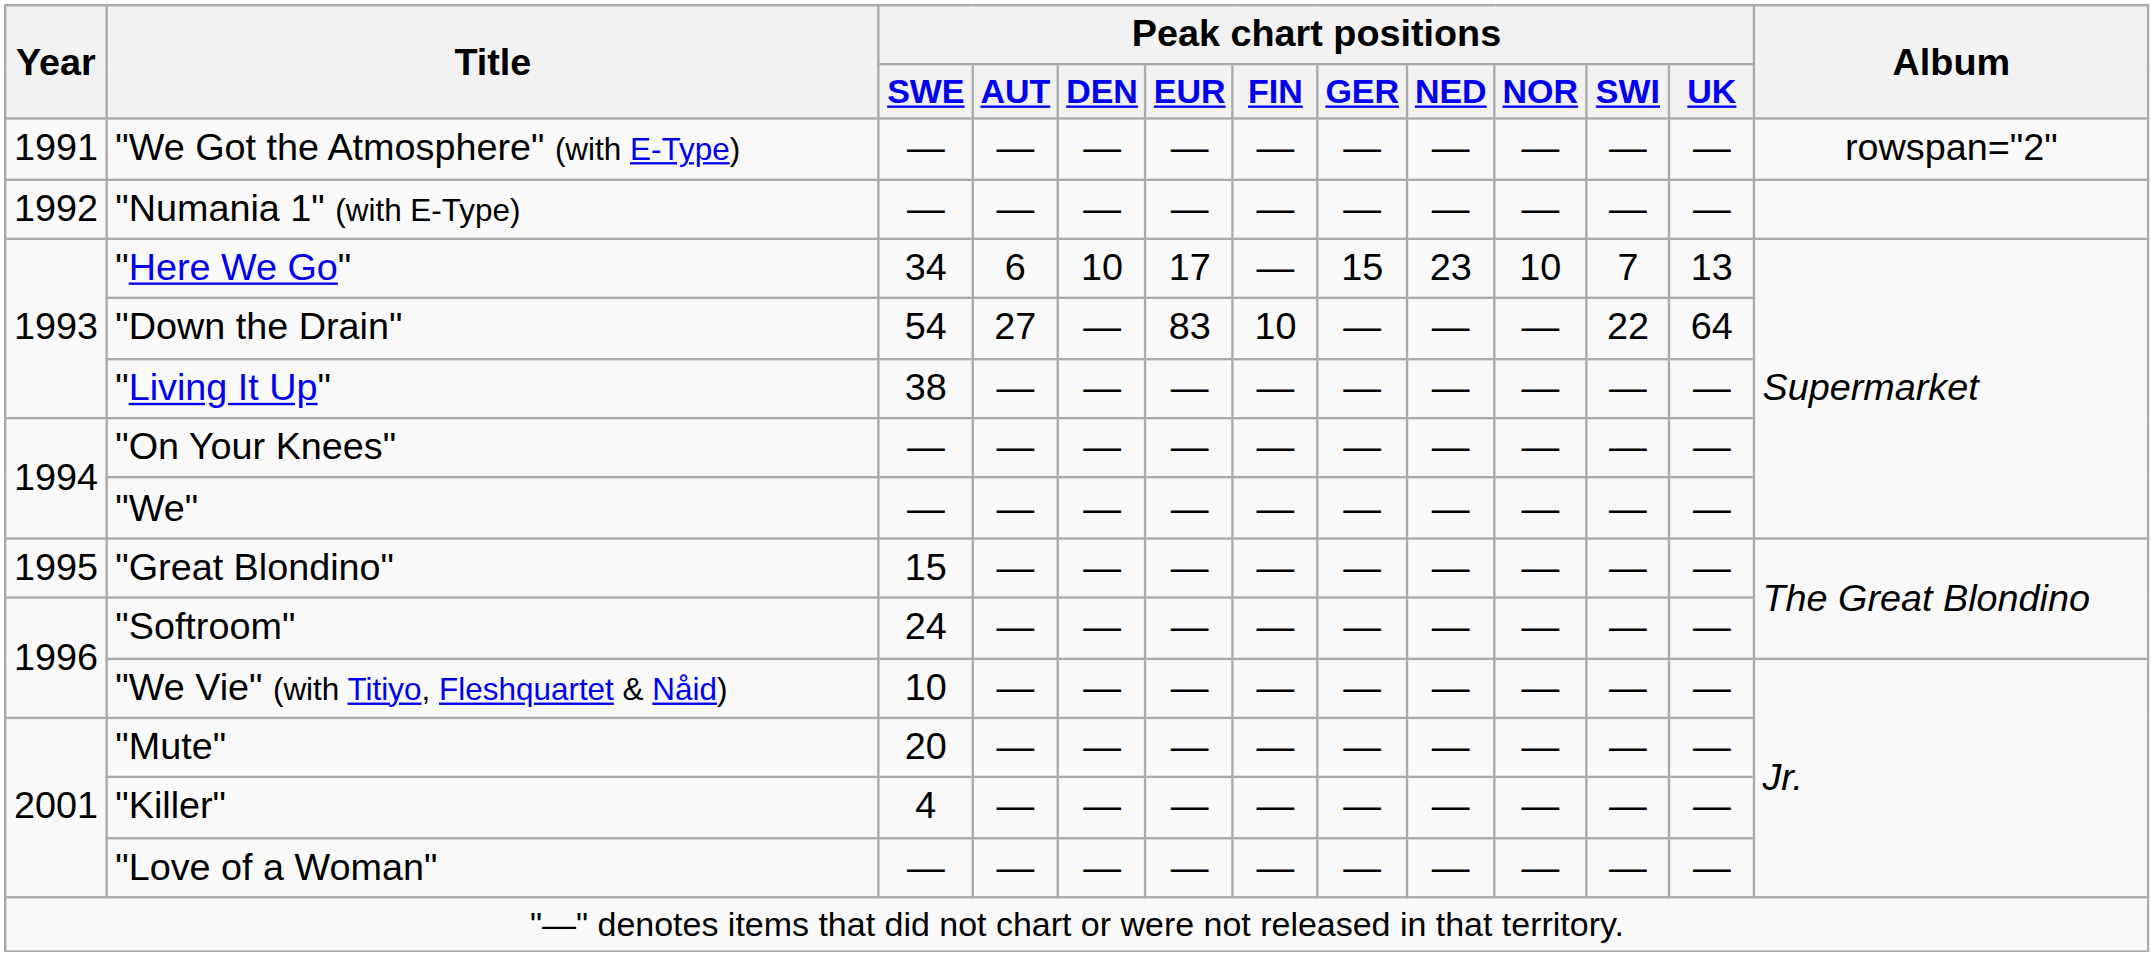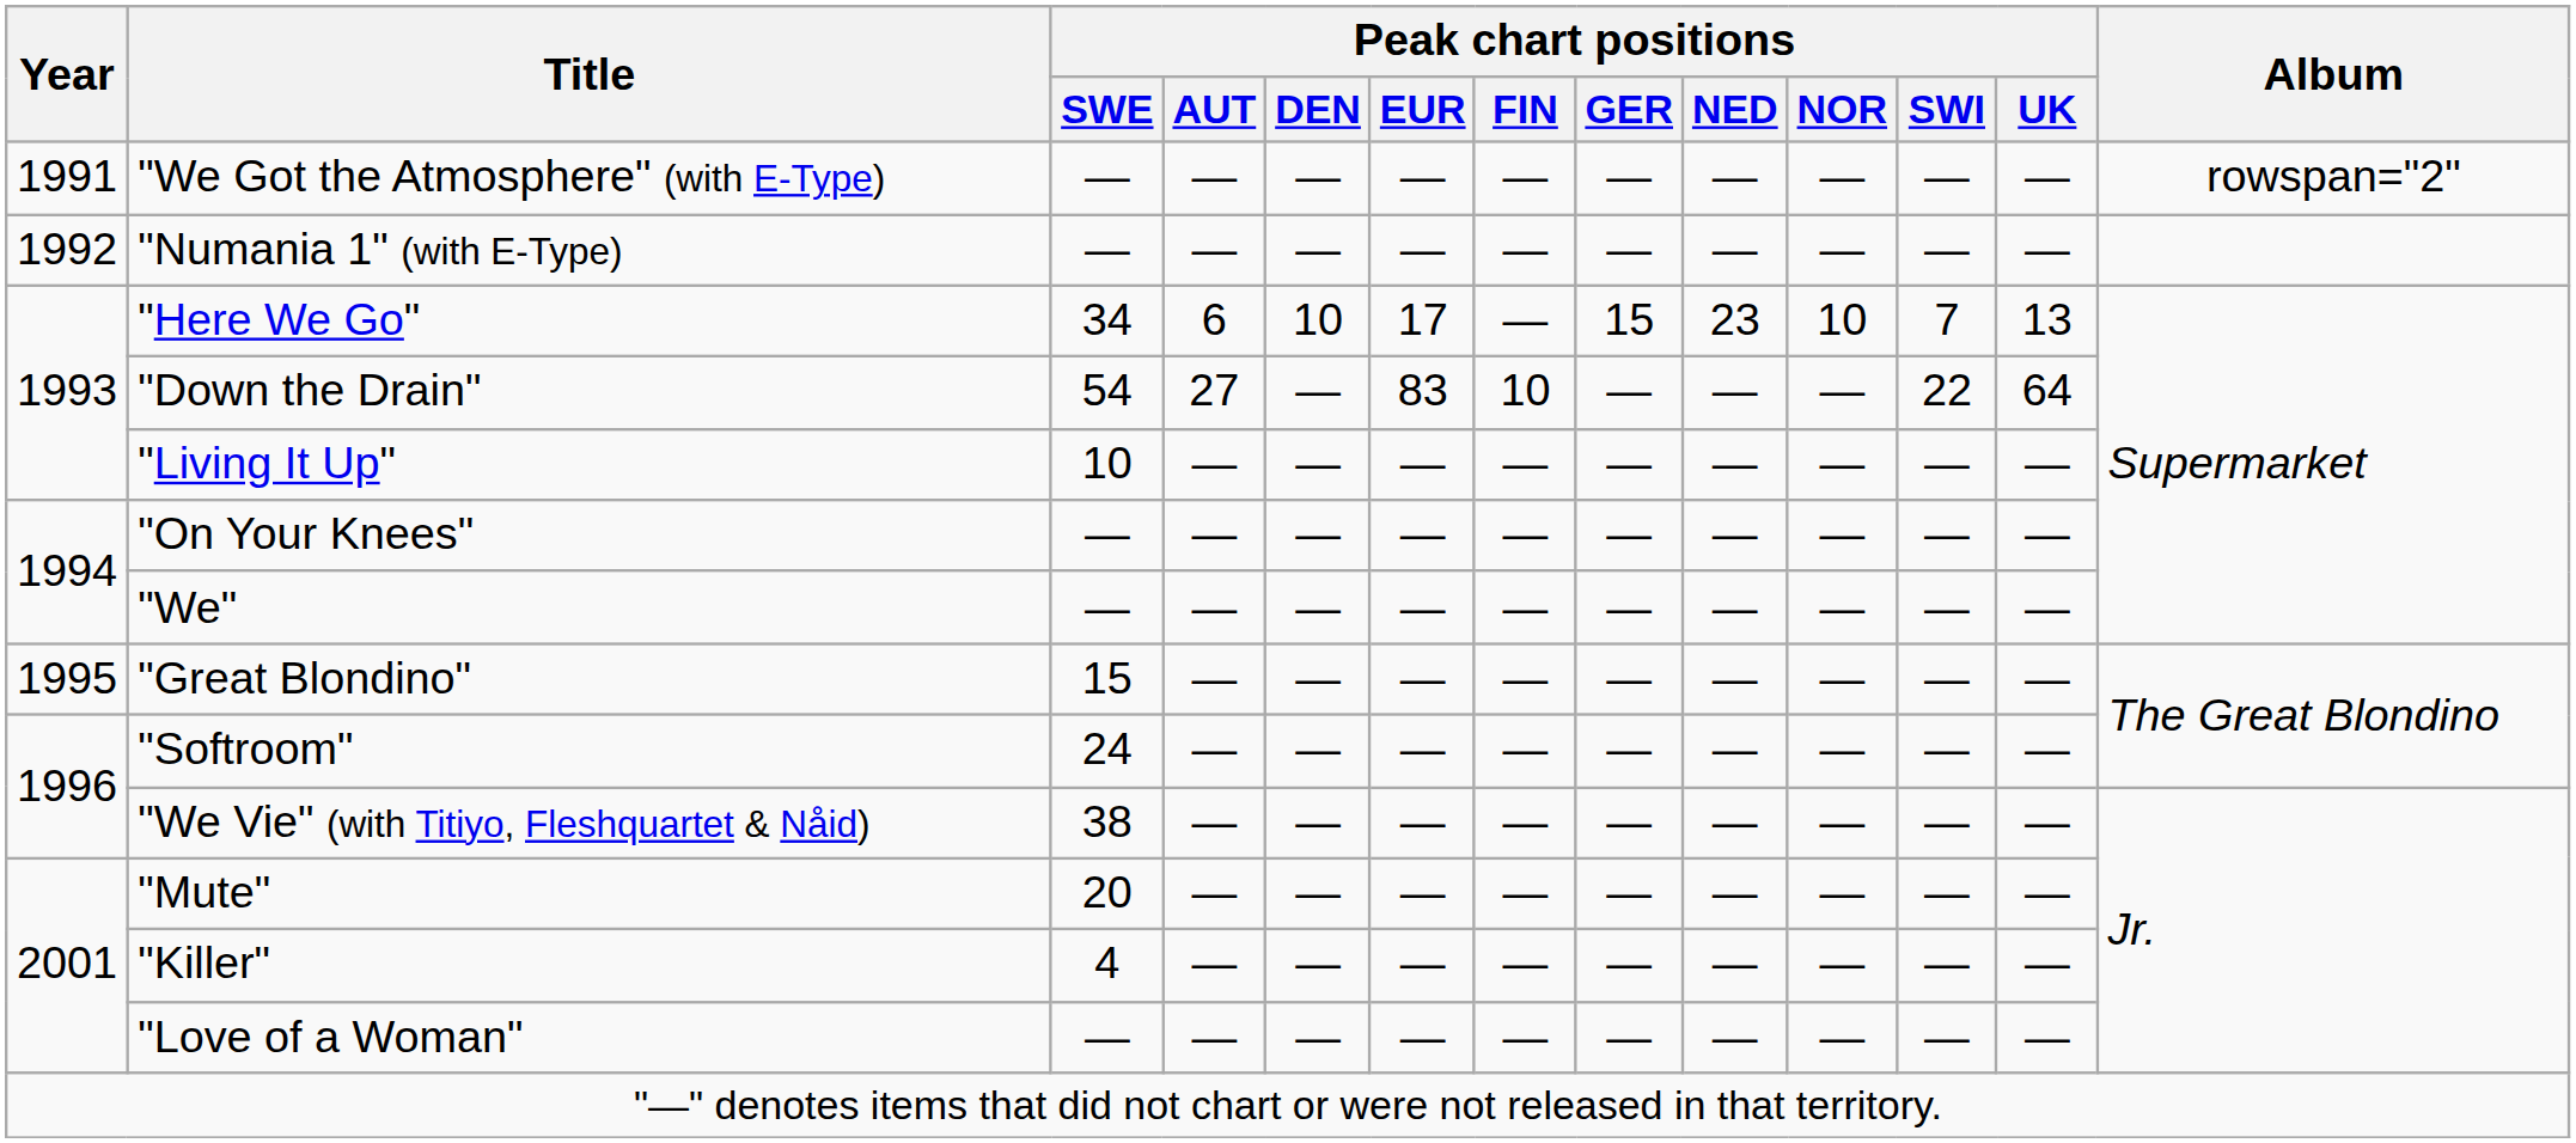 <table class="wikitable" style="text-align:center;">
 <tr>
 <th rowspan="2" style="width:2em;">Year</th>
 <th rowspan="2" style="width:20em;">Title</th>
 <th colspan="10">Peak chart positions</th>
 <th rowspan="2" style="width:10em;">Album</th>
 </tr>
 <tr>
 <th style="width:2em;font-size:90%;"><a href='#'>SWE</a><br></th>
 <th style="width:2em;font-size:90%;"><a href='#'>AUT</a><br></th>
 <th style="width:2em;font-size:90%;"><a href='#'>DEN</a><br></th>
 <th style="width:2em;font-size:90%;"><a href='#'>EUR</a><br></th>
 <th style="width:2em;font-size:90%;"><a href='#'>FIN</a><br></th>
 <th style="width:2em;font-size:90%;"><a href='#'>GER</a><br></th>
 <th style="width:2em;font-size:90%;"><a href='#'>NED</a><br></th>
 <th style="width:2em;font-size:90%;"><a href='#'>NOR</a><br></th>
 <th style="width:2em;font-size:90%;"><a href='#'>SWI</a><br></th>
 <th style="width:2em;font-size:90%;"><a href='#'>UK</a><br></th>
 </tr>
 <tr>
 <td>1991</td>
 <td style="text-align:left;">"We Got the Atmosphere" <small>(with <a href='#'>E-Type</a>)</small></td>
 <td>—</td>
 <td>—</td>
 <td>—</td>
 <td>—</td>
 <td>—</td>
 <td>—</td>
 <td>—</td>
 <td>—</td>
 <td>—</td>
 <td>—</td>
 <td>rowspan="2" </td>
 </tr>
 <tr>
 <td>1992</td>
 <td style="text-align:left;">"Numania 1" <small>(with E-Type)</small></td>
 <td>—</td>
 <td>—</td>
 <td>—</td>
 <td>—</td>
 <td>—</td>
 <td>—</td>
 <td>—</td>
 <td>—</td>
 <td>—</td>
 <td>—</td>
 </tr>
 <tr>
 <td rowspan="3">1993</td>
 <td style="text-align:left;">"<a href='#'>Here We Go</a>"</td>
 <td>34</td>
 <td>6</td>
 <td>10</td>
 <td>17</td>
 <td>—</td>
 <td>15</td>
 <td>23</td>
 <td>10</td>
 <td>7</td>
 <td>13</td>
 <td align="left" rowspan="5"><em>Supermarket</em></td>
 </tr>
 <tr>
 <td style="text-align:left;">"Down the Drain"</td>
 <td>54</td>
 <td>27</td>
 <td>—</td>
 <td>83</td>
 <td>10</td>
 <td>—</td>
 <td>—</td>
 <td>—</td>
 <td>22</td>
 <td>64</td>
 </tr>
 <tr>
 <td style="text-align:left;">"<a href='#'>Living It Up</a>"</td>
-<td>38</td>
+<td>10</td>
 <td>—</td>
 <td>—</td>
 <td>—</td>
 <td>—</td>
 <td>—</td>
 <td>—</td>
 <td>—</td>
 <td>—</td>
 <td>—</td>
 </tr>
 <tr>
 <td rowspan="2">1994</td>
 <td style="text-align:left;">"On Your Knees"</td>
 <td>—</td>
 <td>—</td>
 <td>—</td>
 <td>—</td>
 <td>—</td>
 <td>—</td>
 <td>—</td>
 <td>—</td>
 <td>—</td>
 <td>—</td>
 </tr>
 <tr>
 <td style="text-align:left;">"We"</td>
 <td>—</td>
 <td>—</td>
 <td>—</td>
 <td>—</td>
 <td>—</td>
 <td>—</td>
 <td>—</td>
 <td>—</td>
 <td>—</td>
 <td>—</td>
 </tr>
 <tr>
 <td rowspan="1">1995</td>
 <td style="text-align:left;">"Great Blondino"</td>
 <td>15</td>
 <td>—</td>
 <td>—</td>
 <td>—</td>
 <td>—</td>
 <td>—</td>
 <td>—</td>
 <td>—</td>
 <td>—</td>
 <td>—</td>
 <td align="left" rowspan="2"><em>The Great Blondino</em></td>
 </tr>
 <tr>
 <td rowspan="2">1996</td>
 <td style="text-align:left;">"Softroom"</td>
 <td>24</td>
 <td>—</td>
 <td>—</td>
 <td>—</td>
 <td>—</td>
 <td>—</td>
 <td>—</td>
 <td>—</td>
 <td>—</td>
 <td>—</td>
 </tr>
 <tr>
 <td style="text-align:left;">"We Vie" <small>(with <a href='#'>Titiyo</a>, <a href='#'>Fleshquartet</a> & <a href='#'>Nåid</a>)</small></td>
-<td>10</td>
+<td>38</td>
 <td>—</td>
 <td>—</td>
 <td>—</td>
 <td>—</td>
 <td>—</td>
 <td>—</td>
 <td>—</td>
 <td>—</td>
 <td>—</td>
 <td align="left" rowspan="4"><em>Jr.</em></td>
 </tr>
 <tr>
 <td rowspan="3">2001</td>
 <td style="text-align:left;">"Mute"</td>
 <td>20</td>
 <td>—</td>
 <td>—</td>
 <td>—</td>
 <td>—</td>
 <td>—</td>
 <td>—</td>
 <td>—</td>
 <td>—</td>
 <td>—</td>
 </tr>
 <tr>
 <td style="text-align:left;">"Killer"</td>
 <td>4</td>
 <td>—</td>
 <td>—</td>
 <td>—</td>
 <td>—</td>
 <td>—</td>
 <td>—</td>
 <td>—</td>
 <td>—</td>
 <td>—</td>
 </tr>
 <tr>
 <td style="text-align:left;">"Love of a Woman"</td>
 <td>—</td>
 <td>—</td>
 <td>—</td>
 <td>—</td>
 <td>—</td>
 <td>—</td>
 <td>—</td>
 <td>—</td>
 <td>—</td>
 <td>—</td>
 </tr>
 <tr>
 <td colspan="15" style="font-size:90%">"—" denotes items that did not chart or were not released in that territory.</td>
 </tr>
 </table>
